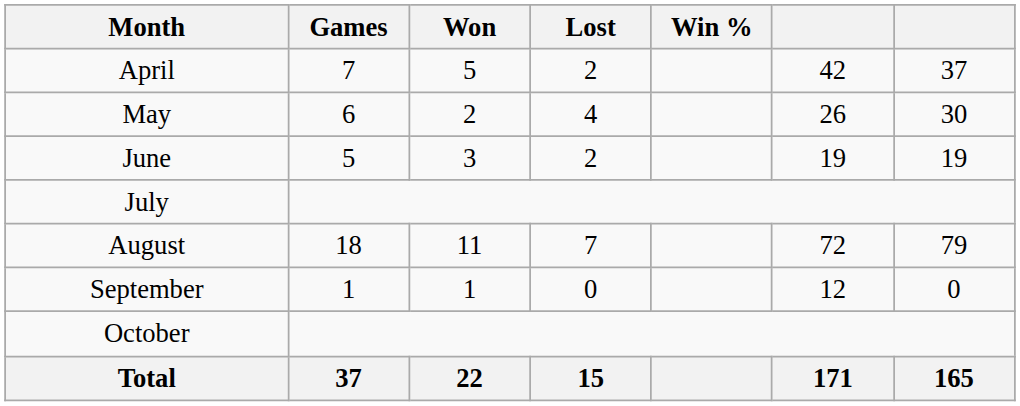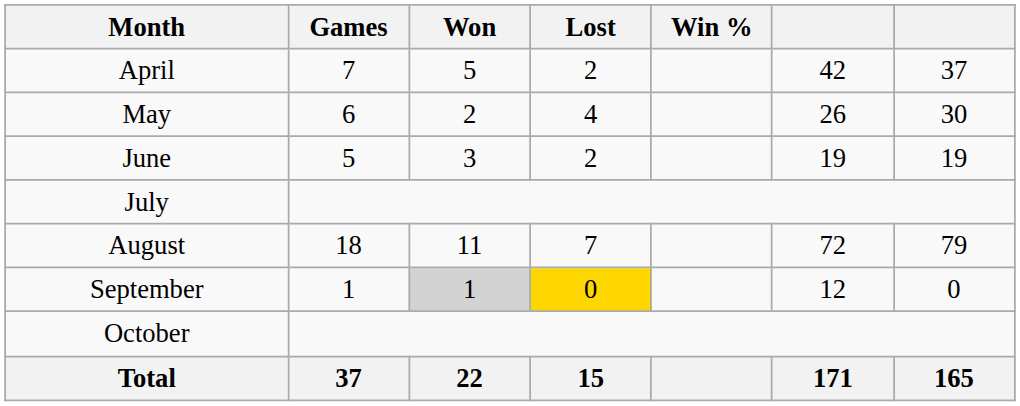 <table class="wikitable" style="margin:1em auto; font-size:95%; text-align:center; width:38em;">
 <tr>
 <th width="28%">Month</th>
 <th width="12%">Games</th>
 <th width="12%">Won</th>
 <th width="12%">Lost</th>
 <th width="12%">Win %</th>
 <th width="12%"></th>
 <th width="12%"></th>
 </tr>
 <tr>
 <td>April</td>
 <td>7</td>
 <td>5</td>
 <td>2</td>
 <td></td>
 <td>42</td>
 <td>37</td>
 </tr>
 <tr>
 <td>May</td>
 <td>6</td>
 <td>2</td>
 <td>4</td>
 <td></td>
 <td>26</td>
 <td>30</td>
 </tr>
 <tr>
 <td>June</td>
 <td>5</td>
 <td>3</td>
 <td>2</td>
 <td></td>
 <td>19</td>
 <td>19</td>
 </tr>
 <tr>
 <td>July</td>
 </tr>
 <tr>
 <td>August</td>
 <td>18</td>
 <td>11</td>
 <td>7</td>
 <td></td>
 <td>72</td>
 <td>79</td>
 </tr>
 <tr>
 <td>September</td>
 <td>1</td>
-<td>1</td>
-<td>0</td>
+<td style="background: lightgrey;">1</td>
+<td style="background: gold;">0</td>
 <td></td>
 <td>12</td>
 <td>0</td>
 </tr>
 <tr>
 <td>October</td>
 </tr>
 <tr>
 <th>Total</th>
 <th>37</th>
 <th>22</th>
 <th>15</th>
 <th></th>
 <th>171</th>
 <th>165</th>
 </tr>
 </table>
